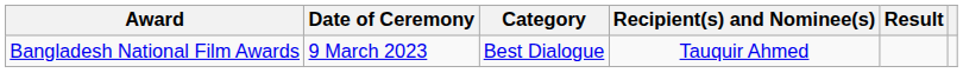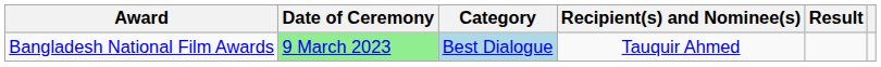 <table class="wikitable">
 <tr>
 <th>Award</th>
 <th>Date of Ceremony</th>
 <th>Category</th>
 <th>Recipient(s) and Nominee(s)</th>
 <th>Result</th>
 <th></th>
 </tr>
 <tr>
 <td><a href='#'>Bangladesh National Film Awards</a></td>
-<td><a href='#'>9 March 2023</a></td>
-<td><a href='#'>Best Dialogue</a></td>
+<td style="background: lightgreen;"><a href='#'>9 March 2023</a></td>
+<td style="background: lightblue;"><a href='#'>Best Dialogue</a></td>
 <td style="text-align:center;" rowspan="3"><a href='#'>Tauquir Ahmed</a></td>
 <td></td>
 <td style="text-align:center;"></td>
 </tr>
 </table>
